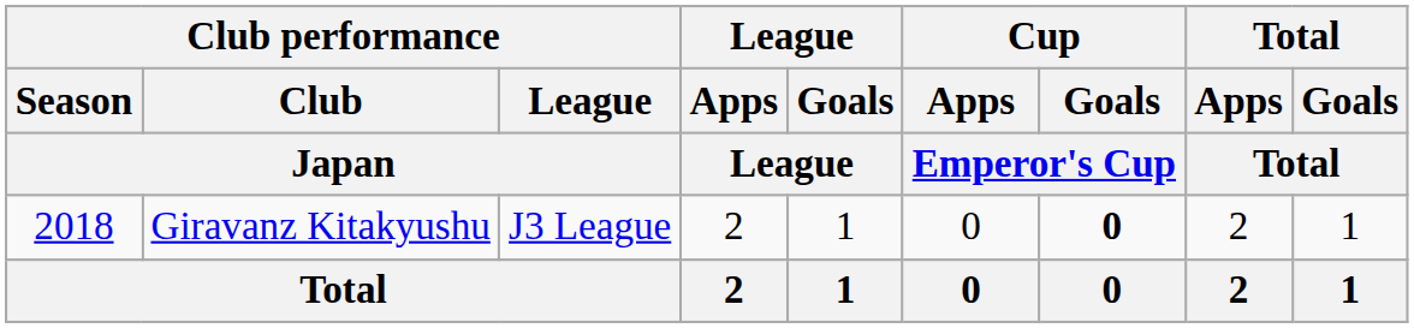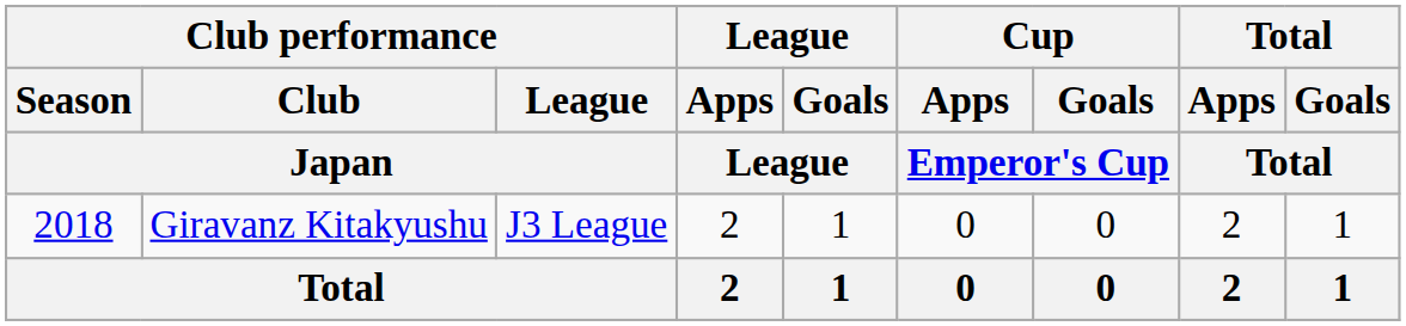 <table class="wikitable" style="text-align:center;">
 <tr>
 <th colspan=3>Club performance</th>
 <th colspan=2>League</th>
 <th colspan=2>Cup</th>
 <th colspan=2>Total</th>
 </tr>
 <tr>
 <th>Season</th>
 <th>Club</th>
 <th>League</th>
 <th>Apps</th>
 <th>Goals</th>
 <th>Apps</th>
 <th>Goals</th>
 <th>Apps</th>
 <th>Goals</th>
 </tr>
 <tr>
 <th colspan=3>Japan</th>
 <th colspan=2>League</th>
 <th colspan=2><a href='#'>Emperor's Cup</a></th>
 <th colspan=2>Total</th>
 </tr>
 <tr>
 <td><a href='#'>2018</a></td>
 <td rowspan="1"><a href='#'>Giravanz Kitakyushu</a></td>
 <td rowspan="1"><a href='#'>J3 League</a></td>
 <td>2</td>
 <td>1</td>
 <td>0</td>
-<td><strong>0</strong></td>
+<td>0</td>
 <td>2</td>
 <td>1</td>
 </tr>
 <tr>
 <th colspan=3>Total</th>
 <th>2</th>
 <th>1</th>
 <th>0</th>
 <th>0</th>
 <th>2</th>
 <th>1</th>
 </tr>
 </table>
